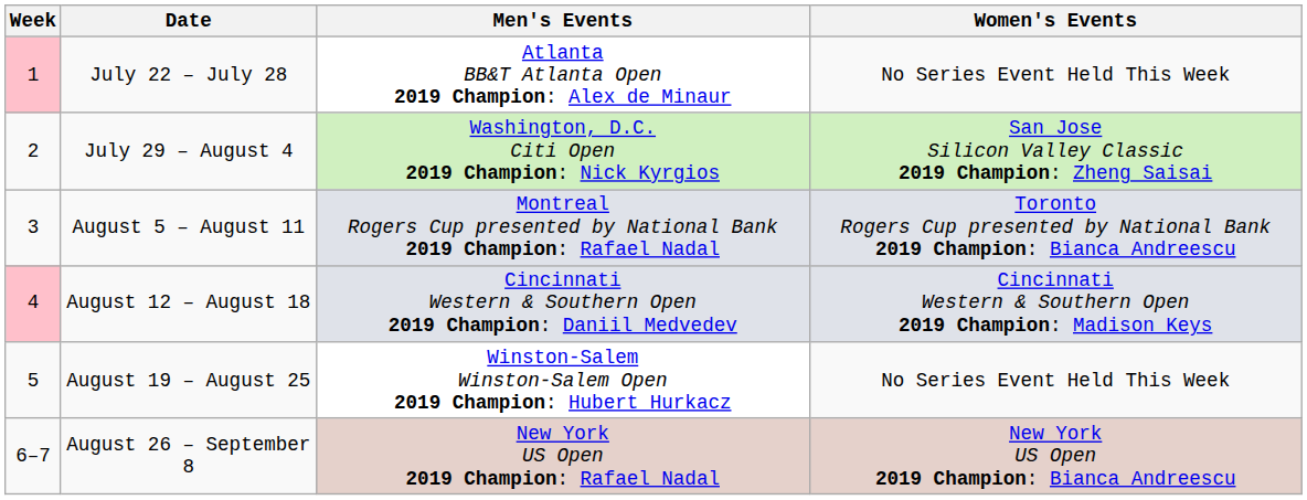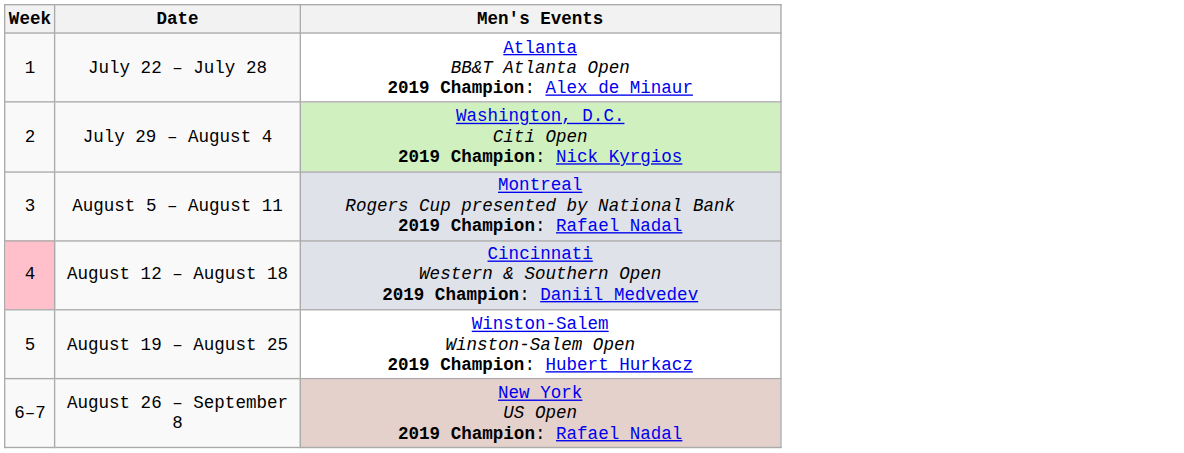 <table class="wikitable">
 <tr>
 <th width=30>Week</th>
 <th width=175>Date</th>
 <th width=350>Men's Events</th>
-<th width=350>Women's Events</th>
 </tr>
 <tr align=center>
-<td style="background: pink;">1</td>
+<td>1</td>
 <td>July 22 – July 28</td>
 <td bgcolor="#ffffff"><a href='#'>Atlanta</a><br><em>BB&T Atlanta Open</em><br><strong>2019 Champion</strong>:  <a href='#'>Alex de Minaur</a></td>
-<td>No Series Event Held This Week</td>
 </tr>
 <tr align=center>
 <td>2</td>
 <td>July 29 – August 4</td>
 <td bgcolor="#d0f0c0"><a href='#'>Washington, D.C.</a><br><em>Citi Open</em><br><strong>2019 Champion</strong>:  <a href='#'>Nick Kyrgios</a></td>
-<td bgcolor="#d0f0c0"><a href='#'>San Jose</a><br><em>Silicon Valley Classic</em><br><strong>2019 Champion</strong>:  <a href='#'>Zheng Saisai</a></td>
 </tr>
 <tr align=center>
 <td>3</td>
 <td>August 5 – August 11</td>
 <td bgcolor="#dfe2e9"><a href='#'>Montreal</a><br><em>Rogers Cup presented by National Bank</em><br><strong>2019 Champion</strong>:  <a href='#'>Rafael Nadal</a></td>
-<td bgcolor=#dfe2e9><a href='#'>Toronto</a><br><em>Rogers Cup presented by National Bank</em><br><strong>2019 Champion</strong>:  <a href='#'>Bianca Andreescu</a></td>
 </tr>
 <tr align=center>
 <td style="background: pink;">4</td>
 <td>August 12 – August 18</td>
 <td bgcolor="#dfe2e9"><a href='#'>Cincinnati</a><br><em>Western & Southern Open</em><br><strong>2019 Champion</strong>:  <a href='#'>Daniil Medvedev</a></td>
-<td bgcolor=#dfe2e9><a href='#'>Cincinnati</a><br><em>Western & Southern Open</em><br><strong>2019 Champion</strong>:  <a href='#'>Madison Keys</a></td>
 </tr>
 <tr align=center>
 <td>5</td>
 <td>August 19 – August 25</td>
 <td bgcolor="#ffffff"><a href='#'>Winston-Salem</a><br> <em>Winston-Salem Open</em><br><strong>2019 Champion</strong>:  <a href='#'>Hubert Hurkacz</a></td>
-<td>No Series Event Held This Week</td>
 </tr>
 <tr align=center>
 <td>6–7</td>
 <td>August 26 – September 8</td>
 <td bgcolor="#e5d1cb"><a href='#'>New York</a><br> <em>US Open</em><br><strong>2019 Champion</strong>:  <a href='#'>Rafael Nadal</a></td>
-<td bgcolor="e5d1cb"><a href='#'>New York</a><br> <em>US Open</em><br><strong>2019 Champion</strong>:  <a href='#'>Bianca Andreescu</a></td>
 </tr>
 </table>
